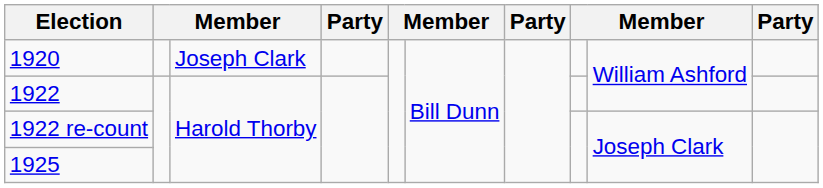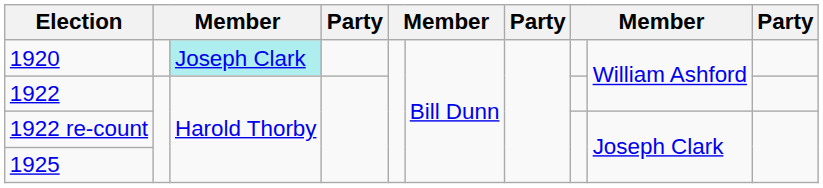 <table class="wikitable">
 <tr>
 <th>Election</th>
 <th colspan="2">Member</th>
 <th>Party</th>
 <th colspan="2">Member</th>
 <th>Party</th>
 <th colspan="2">Member</th>
 <th>Party</th>
 </tr>
 <tr>
 <td><a href='#'>1920</a></td>
 <td> </td>
-<td><a href='#'>Joseph Clark</a></td>
+<td style="background: paleturquoise;"><a href='#'>Joseph Clark</a></td>
 <td></td>
 <td rowspan="4" > </td>
 <td rowspan="4"><a href='#'>Bill Dunn</a></td>
 <td rowspan="4"></td>
 <td> </td>
 <td rowspan="2"><a href='#'>William Ashford</a></td>
 <td></td>
 </tr>
 <tr>
 <td><a href='#'>1922</a></td>
 <td rowspan="3" > </td>
 <td rowspan="3"><a href='#'>Harold Thorby</a></td>
 <td rowspan="3"></td>
 <td> </td>
 <td></td>
 </tr>
 <tr>
 <td><a href='#'>1922 re-count</a></td>
 <td rowspan="2" > </td>
 <td rowspan="2"><a href='#'>Joseph Clark</a></td>
 <td rowspan="2"></td>
 </tr>
 <tr>
 <td><a href='#'>1925</a></td>
 </tr>
 </table>
